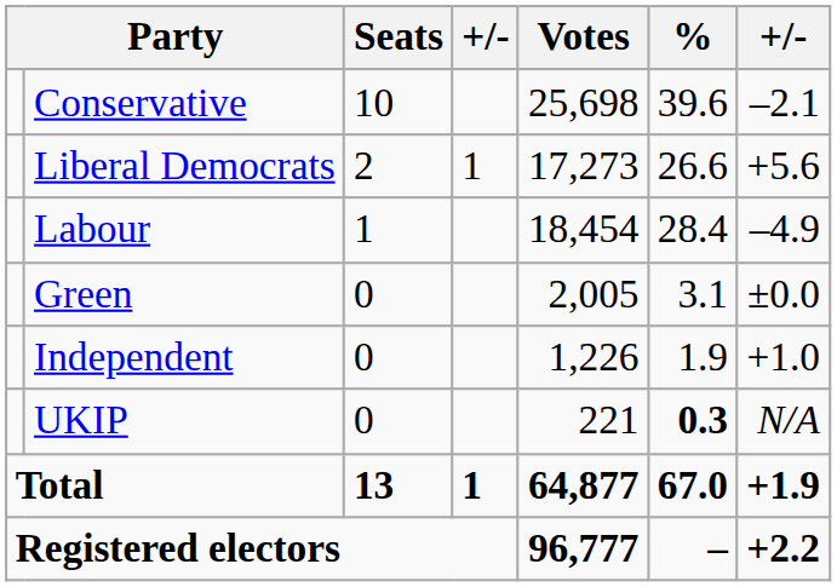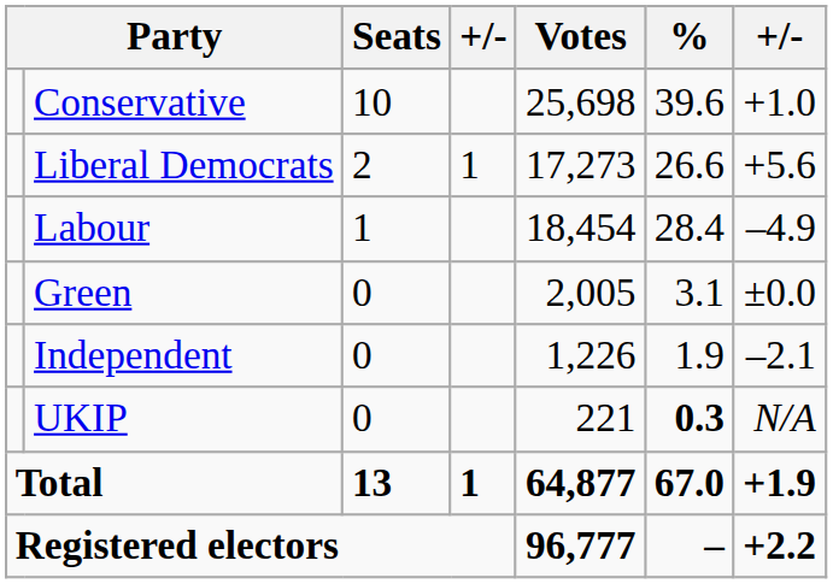 <table class="wikitable sortable">
 <tr>
 <th colspan="2">Party</th>
 <th>Seats</th>
 <th>+/-</th>
 <th>Votes</th>
 <th>%</th>
 <th>+/-</th>
 </tr>
 <tr>
 <td style="background-color: "></td>
 <td><a href='#'>Conservative</a></td>
 <td>10</td>
 <td></td>
 <td style="text-align:right;">25,698</td>
 <td style="text-align:right;">39.6</td>
-<td style="text-align:right;">–2.1</td>
+<td style="text-align:right;">+1.0</td>
 </tr>
 <tr>
 <td style="background-color: "></td>
 <td><a href='#'>Liberal Democrats</a></td>
 <td>2</td>
 <td> 1</td>
 <td style="text-align:right;">17,273</td>
 <td style="text-align:right;">26.6</td>
 <td style="text-align:right;">+5.6</td>
 </tr>
 <tr>
 <td style="background-color: "></td>
 <td><a href='#'>Labour</a></td>
 <td>1</td>
 <td></td>
 <td style="text-align:right;">18,454</td>
 <td style="text-align:right;">28.4</td>
 <td style="text-align:right;">–4.9</td>
 </tr>
 <tr>
 <td style="background-color: "></td>
 <td><a href='#'>Green</a></td>
 <td>0</td>
 <td></td>
 <td style="text-align:right;">2,005</td>
 <td style="text-align:right;">3.1</td>
 <td style="text-align:right;">±0.0</td>
 </tr>
 <tr>
 <td style="background-color: "></td>
 <td><a href='#'>Independent</a></td>
 <td>0</td>
 <td></td>
 <td style="text-align:right;">1,226</td>
 <td style="text-align:right;">1.9</td>
-<td style="text-align:right;">+1.0</td>
+<td style="text-align:right;">–2.1</td>
 </tr>
 <tr>
 <td style="background-color: "></td>
 <td><a href='#'>UKIP</a></td>
 <td>0</td>
 <td></td>
 <td style="text-align:right;">221</td>
 <td style="text-align:right;"><strong>0.3</strong></td>
 <td style="text-align:right;"><em>N/A</em></td>
 </tr>
 <tr>
 <td colspan="2"><strong>Total</strong></td>
 <td><strong>13</strong></td>
 <td> <strong>1</strong></td>
 <td style="text-align:right;"><strong>64,877</strong></td>
 <td style="text-align:right;"><strong>67.0</strong></td>
 <td style="text-align:right;"><strong>+1.9</strong></td>
 </tr>
 <tr>
 <td colspan="4"><strong>Registered electors</strong></td>
 <td style="text-align:right;"><strong>96,777</strong></td>
 <td style="text-align:right;"><strong>–</strong></td>
 <td style="text-align:right;"><strong>+2.2</strong></td>
 </tr>
 </table>
